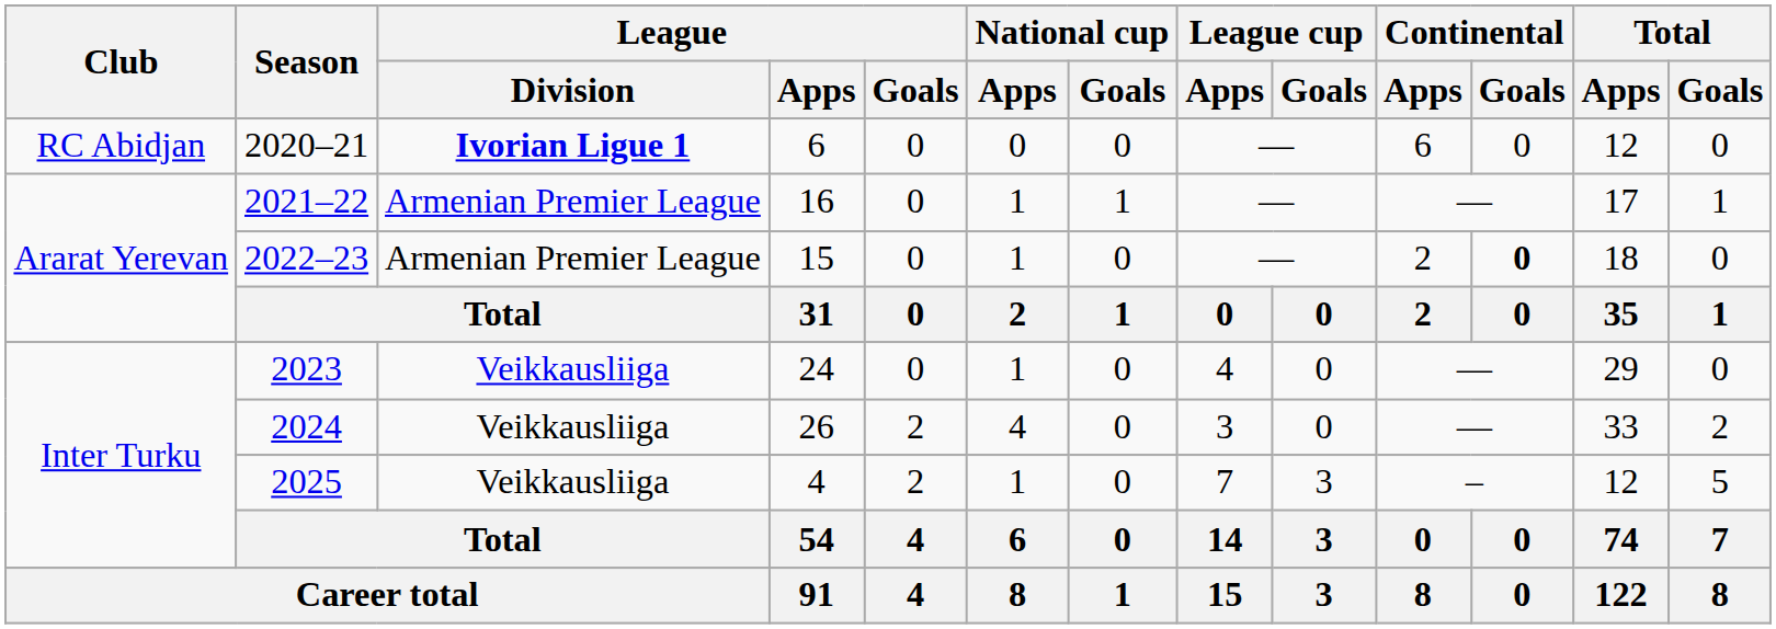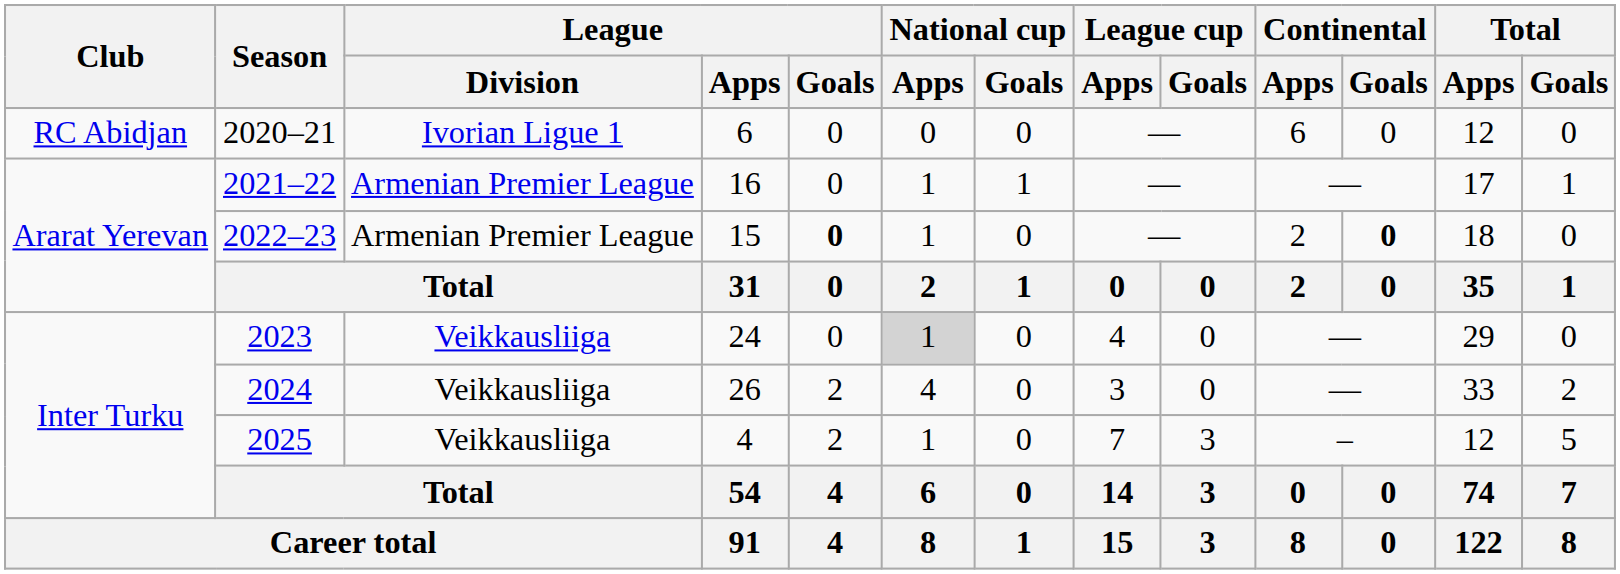 <table class="wikitable" style="text-align:center">
 <tr>
 <th rowspan="2">Club</th>
 <th rowspan="2">Season</th>
 <th colspan="3">League</th>
 <th colspan="2">National cup</th>
 <th colspan="2">League cup</th>
 <th colspan="2">Continental</th>
 <th colspan="2">Total</th>
 </tr>
 <tr>
 <th>Division</th>
 <th>Apps</th>
 <th>Goals</th>
 <th>Apps</th>
 <th>Goals</th>
 <th>Apps</th>
 <th>Goals</th>
 <th>Apps</th>
 <th>Goals</th>
 <th>Apps</th>
 <th>Goals</th>
 </tr>
 <tr>
 <td><a href='#'>RC Abidjan</a></td>
 <td>2020–21</td>
-<td><strong><a href='#'>Ivorian Ligue 1</a></strong></td>
+<td><a href='#'>Ivorian Ligue 1</a></td>
 <td>6</td>
 <td>0</td>
 <td>0</td>
 <td>0</td>
 <td colspan="2">—</td>
 <td>6</td>
 <td>0</td>
 <td>12</td>
 <td>0</td>
 </tr>
 <tr>
 <td rowspan="3"><a href='#'>Ararat Yerevan</a></td>
 <td><a href='#'>2021–22</a></td>
 <td><a href='#'>Armenian Premier League</a></td>
 <td>16</td>
 <td>0</td>
 <td>1</td>
 <td>1</td>
 <td colspan="2">—</td>
 <td colspan="2">—</td>
 <td>17</td>
 <td>1</td>
 </tr>
 <tr>
 <td><a href='#'>2022–23</a></td>
 <td>Armenian Premier League</td>
 <td>15</td>
-<td>0</td>
+<td><strong>0</strong></td>
 <td>1</td>
 <td>0</td>
 <td colspan="2">—</td>
 <td>2</td>
 <td><strong>0</strong></td>
 <td>18</td>
 <td>0</td>
 </tr>
 <tr>
 <th colspan="2">Total</th>
 <th>31</th>
 <th>0</th>
 <th>2</th>
 <th>1</th>
 <th>0</th>
 <th>0</th>
 <th>2</th>
 <th>0</th>
 <th>35</th>
 <th>1</th>
 </tr>
 <tr>
 <td rowspan="4"><a href='#'>Inter Turku</a></td>
 <td><a href='#'>2023</a></td>
 <td><a href='#'>Veikkausliiga</a></td>
 <td>24</td>
 <td>0</td>
-<td>1</td>
+<td style="background: lightgrey;">1</td>
 <td>0</td>
 <td>4</td>
 <td>0</td>
 <td colspan="2">—</td>
 <td>29</td>
 <td>0</td>
 </tr>
 <tr>
 <td><a href='#'>2024</a></td>
 <td>Veikkausliiga</td>
 <td>26</td>
 <td>2</td>
 <td>4</td>
 <td>0</td>
 <td>3</td>
 <td>0</td>
 <td colspan="2">—</td>
 <td>33</td>
 <td>2</td>
 </tr>
 <tr>
 <td><a href='#'>2025</a></td>
 <td>Veikkausliiga</td>
 <td>4</td>
 <td>2</td>
 <td>1</td>
 <td>0</td>
 <td>7</td>
 <td>3</td>
 <td colspan=2>–</td>
 <td>12</td>
 <td>5</td>
 </tr>
 <tr>
 <th colspan="2">Total</th>
 <th>54</th>
 <th>4</th>
 <th>6</th>
 <th>0</th>
 <th>14</th>
 <th>3</th>
 <th>0</th>
 <th>0</th>
 <th>74</th>
 <th>7</th>
 </tr>
 <tr>
 <th colspan="3">Career total</th>
 <th>91</th>
 <th>4</th>
 <th>8</th>
 <th>1</th>
 <th>15</th>
 <th>3</th>
 <th>8</th>
 <th>0</th>
 <th>122</th>
 <th>8</th>
 </tr>
 </table>
